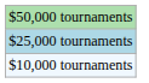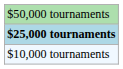 <table class=wikitable style=font-size:85%>
 <tr style="background:#addfad;">
 <td>$50,000 tournaments</td>
 </tr>
 <tr style="background:lightblue;">
-<td>$25,000 tournaments</td>
+<td><strong>$25,000 tournaments</strong></td>
 </tr>
 <tr style="background:#f0f8ff;">
 <td>$10,000 tournaments</td>
 </tr>
 </table>
